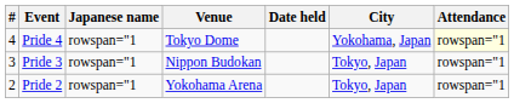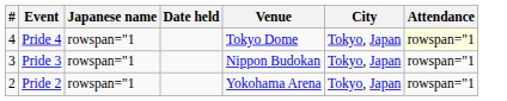 <table class="sortable wikitable succession-box" style="font-size:90%;">
 <tr>
 <th>#</th>
 <th>Event</th>
 <th>Japanese name</th>
+<th>Date held</th>
 <th>Venue</th>
-<th>Date held</th>
 <th>City</th>
 <th>Attendance</th>
 </tr>
 <tr>
 <td style="text-align:center">4</td>
 <td><a href='#'>Pride 4</a></td>
 <td>rowspan="1 </td>
+<td></td>
 <td><a href='#'>Tokyo Dome</a></td>
-<td></td>
-<td><a href='#'>Yokohama</a>, <a href='#'>Japan</a></td>
+<td><a href='#'>Tokyo</a>, <a href='#'>Japan</a></td>
 <td style="background: lightyellow;">rowspan="1 </td>
 </tr>
 <tr>
 <td style="text-align:center">3</td>
 <td><a href='#'>Pride 3</a></td>
 <td>rowspan="1 </td>
+<td></td>
 <td><a href='#'>Nippon Budokan</a></td>
-<td></td>
 <td><a href='#'>Tokyo</a>, <a href='#'>Japan</a></td>
 <td>rowspan="1 </td>
 </tr>
 <tr>
 <td style="text-align:center">2</td>
 <td><a href='#'>Pride 2</a></td>
 <td>rowspan="1 </td>
+<td></td>
 <td><a href='#'>Yokohama Arena</a></td>
-<td></td>
 <td><a href='#'>Tokyo</a>, <a href='#'>Japan</a></td>
 <td>rowspan="1 </td>
 </tr>
 </table>
